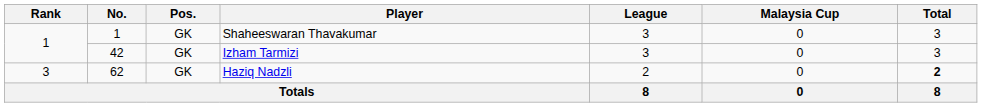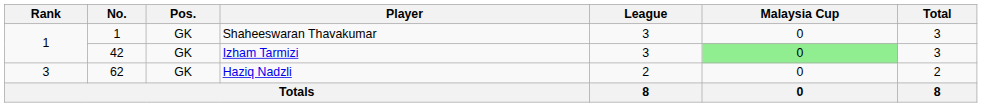 <table class="wikitable sortable" style="text-align:center;width:100%;">
 <tr>
 <th>Rank</th>
 <th>No.</th>
 <th>Pos.</th>
 <th>Player</th>
 <th>League</th>
 <th>Malaysia Cup</th>
 <th>Total</th>
 </tr>
 <tr>
 <td rowspan=2>1</td>
 <td>1</td>
 <td>GK</td>
 <td align=left> Shaheeswaran Thavakumar</td>
 <td>3</td>
 <td>0</td>
 <td>3</td>
 </tr>
 <tr>
 <td>42</td>
 <td>GK</td>
 <td align=left> <a href='#'>Izham Tarmizi</a></td>
 <td>3</td>
-<td>0</td>
+<td style="background: lightgreen;">0</td>
 <td>3</td>
 </tr>
 <tr>
 <td rowspan=1>3</td>
 <td>62</td>
 <td>GK</td>
 <td align=left> <a href='#'>Haziq Nadzli</a></td>
 <td>2</td>
 <td>0</td>
-<td><strong>2</strong></td>
+<td>2</td>
 </tr>
 <tr>
 <th colspan=4><strong>Totals</strong></th>
 <th>8</th>
 <th><strong>0</strong></th>
 <th><strong>8</strong></th>
 </tr>
 </table>
